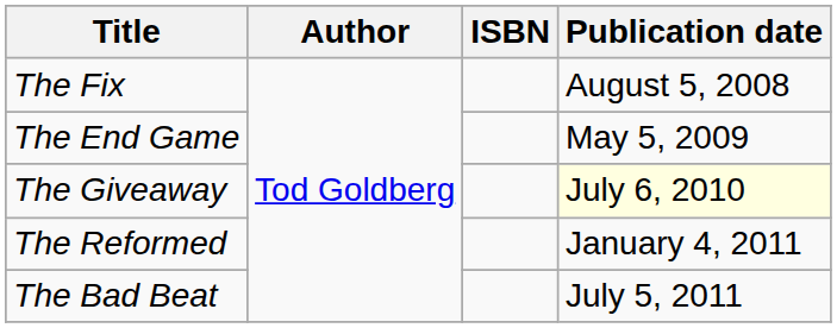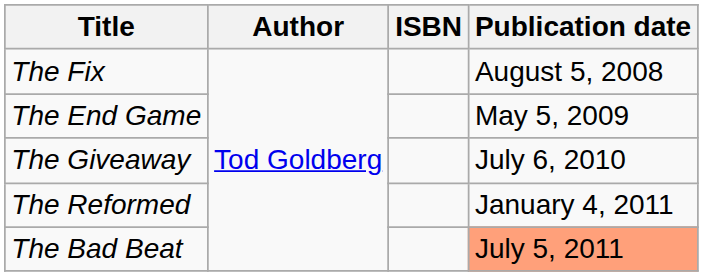 <table class="wikitable">
 <tr>
 <th>Title</th>
 <th>Author</th>
 <th>ISBN</th>
 <th>Publication date</th>
 </tr>
 <tr>
 <td><em>The Fix</em></td>
 <td rowspan=5><a href='#'>Tod Goldberg</a></td>
 <td></td>
 <td>August 5, 2008</td>
 </tr>
 <tr>
 <td><em>The End Game</em></td>
 <td></td>
 <td>May 5, 2009</td>
 </tr>
 <tr>
 <td><em>The Giveaway</em></td>
 <td></td>
-<td style="background: lightyellow;">July 6, 2010</td>
+<td>July 6, 2010</td>
 </tr>
 <tr>
 <td><em>The Reformed</em></td>
 <td></td>
 <td>January 4, 2011</td>
 </tr>
 <tr>
 <td><em>The Bad Beat</em></td>
 <td></td>
-<td>July 5, 2011</td>
+<td style="background: lightsalmon;">July 5, 2011</td>
 </tr>
 </table>
